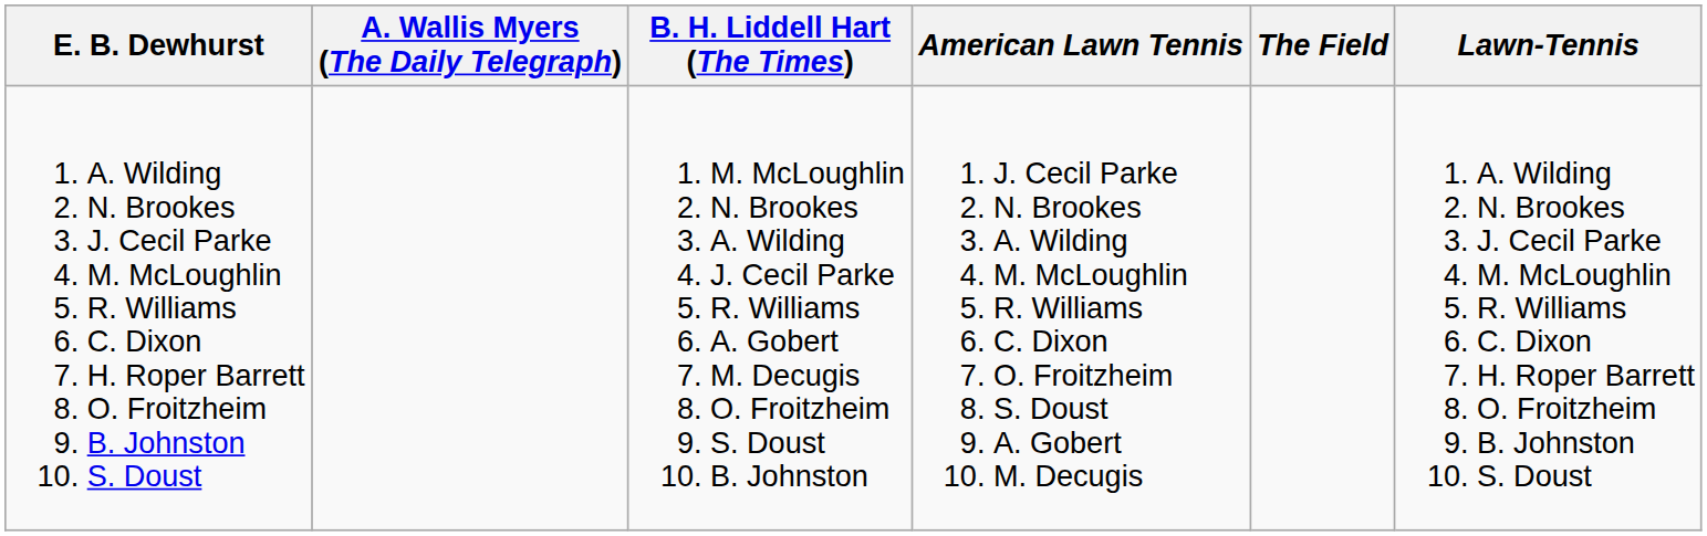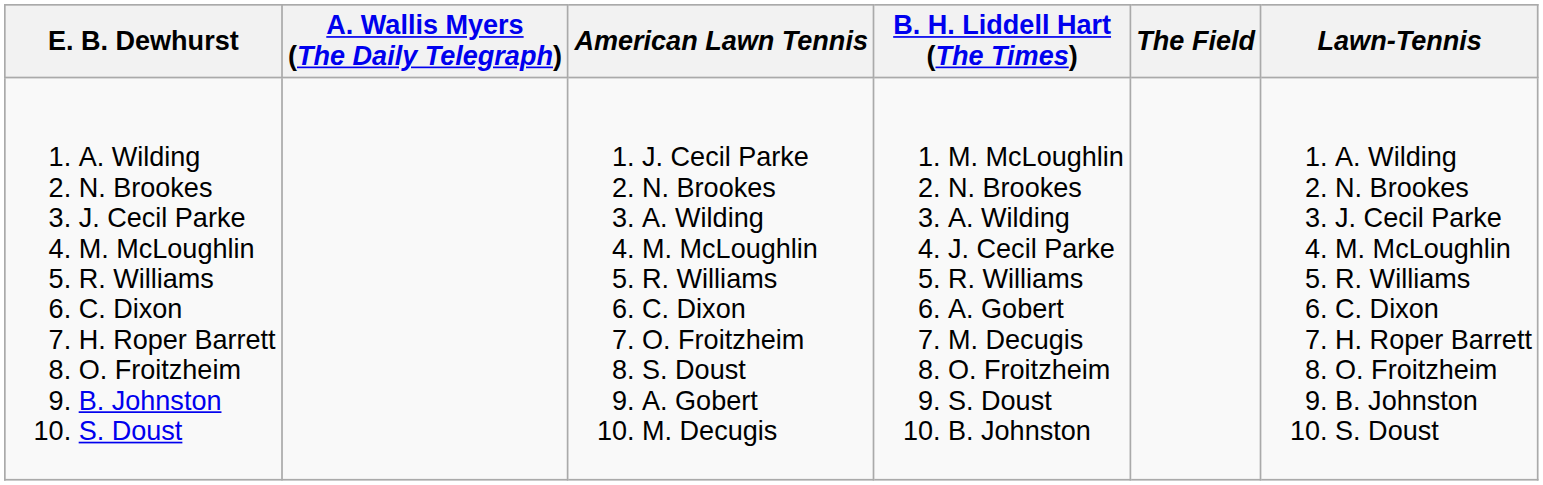 <table class="wikitable">
 <tr>
 <th>E. B. Dewhurst</th>
 <th><a href='#'>A. Wallis Myers</a><em></em><br>(<em><a href='#'>The Daily Telegraph</a></em>)</th>
+<th><em>American Lawn Tennis</em></th>
 <th><a href='#'>B. H. Liddell Hart</a><br>(<em><a href='#'>The Times</a></em>)</th>
-<th><em>American Lawn Tennis</em></th>
 <th><em>The Field</em></th>
 <th><em>Lawn-Tennis</em></th>
 </tr>
 <tr style="vertical-align: top;">
 <td style="white-space: nowrap;"><br><ol><li> A. Wilding</li><li> N. Brookes</li><li> J. Cecil Parke</li><li> M. McLoughlin</li><li> R. Williams</li><li> C. Dixon</li><li> H. Roper Barrett</li><li> O. Froitzheim</li><li> <a href='#'>B. Johnston</a></li><li> <a href='#'>S. Doust</a></li></ol></td>
 <td style="white-space: nowrap;"><br></td>
+<td style="white-space: nowrap;"><br><ol><li> J. Cecil Parke</li><li> N. Brookes</li><li> A. Wilding</li><li> M. McLoughlin</li><li> R. Williams</li><li> C. Dixon</li><li> O. Froitzheim</li><li> S. Doust</li><li> A. Gobert</li><li> M. Decugis</li></ol></td>
 <td style="white-space: nowrap;"><br><ol><li> M. McLoughlin</li><li> N. Brookes</li><li> A. Wilding</li><li> J. Cecil Parke</li><li> R. Williams</li><li> A. Gobert</li><li> M. Decugis</li><li> O. Froitzheim</li><li> S. Doust</li><li> B. Johnston</li></ol></td>
-<td style="white-space: nowrap;"><br><ol><li> J. Cecil Parke</li><li> N. Brookes</li><li> A. Wilding</li><li> M. McLoughlin</li><li> R. Williams</li><li> C. Dixon</li><li> O. Froitzheim</li><li> S. Doust</li><li> A. Gobert</li><li> M. Decugis</li></ol></td>
 <td></td>
 <td style="white-space: nowrap;"><br><ol><li> A. Wilding</li><li> N. Brookes</li><li> J. Cecil Parke</li><li> M. McLoughlin</li><li> R. Williams</li><li> C. Dixon</li><li> H. Roper Barrett</li><li> O. Froitzheim</li><li> B. Johnston</li><li> S. Doust</li></ol></td>
 </tr>
 </table>
